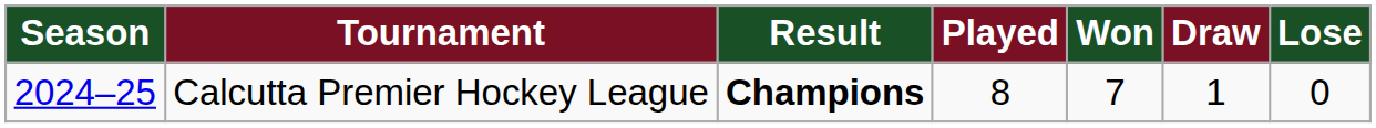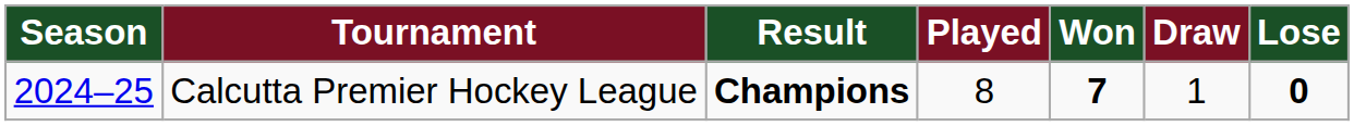 <table class="wikitable">
 <tr>
 <th style="background:#1A5026; color:white; text-align:center;">Season</th>
 <th style="background:#7A1024; color:white; text-align:center;">Tournament</th>
 <th style="background:#1A5026; color:white; text-align:center;">Result</th>
 <th style="background:#7A1024; color:white; text-align:center;">Played</th>
 <th style="background:#1A5026; color:white; text-align:center;">Won</th>
 <th style="background:#7A1024; color:white; text-align:center;">Draw</th>
 <th style="background:#1A5026; color:white; text-align:center;">Lose</th>
 </tr>
 <tr>
 <td rowspan="2"><a href='#'>2024–25</a></td>
 <td style="text-align:center">Calcutta Premier Hockey League</td>
 <td style="text-align:center"><strong>Champions</strong></td>
 <td style="text-align:center">8</td>
-<td style="text-align:center">7</td>
+<td style="text-align:center"><strong>7</strong></td>
 <td style="text-align:center">1</td>
-<td style="text-align:center">0</td>
+<td style="text-align:center"><strong>0</strong></td>
 </tr>
 </table>
